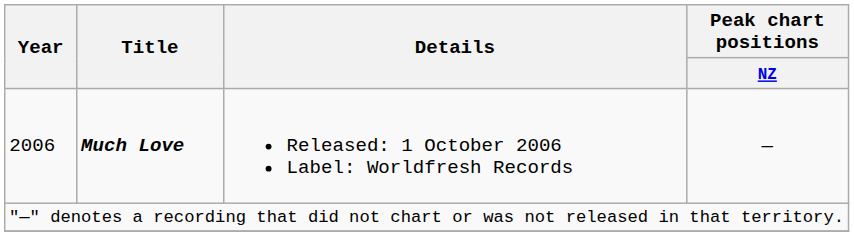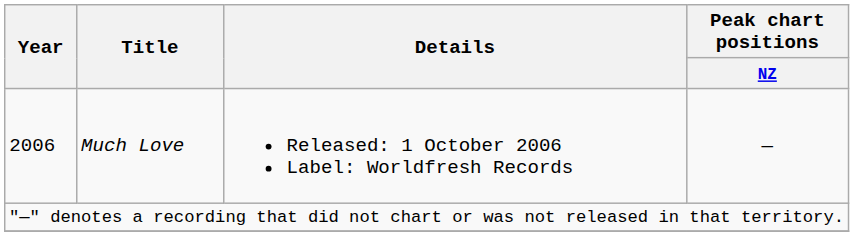 <table class="wikitable plainrowheaders">
 <tr>
 <th rowspan="2">Year</th>
 <th rowspan="2">Title</th>
 <th rowspan="2">Details</th>
 <th>Peak chart<br>positions</th>
 </tr>
 <tr>
 <th><small><a href='#'>NZ</a></small></th>
 </tr>
 <tr>
 <td>2006</td>
-<td><strong><em>Much Love</em></strong></td>
+<td><em>Much Love</em></td>
 <td><br><ul><li>Released: 1 October 2006</li><li>Label: Worldfresh Records</li></ul></td>
 <td align="center">—</td>
 </tr>
 <tr>
 <td colspan="4" style="font-size:90%" align="center">"—" denotes a recording that did not chart or was not released in that territory.</td>
 </tr>
 <tr>
 </tr>
 </table>
